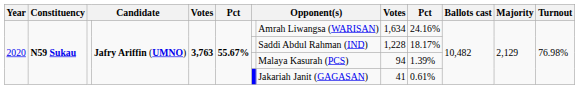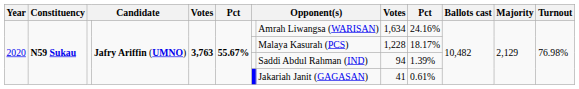 <table class="wikitable" style="margin:0.5em ; font-size:95%">
 <tr>
 <th>Year</th>
 <th>Constituency</th>
 <th colspan=2>Candidate</th>
 <th>Votes</th>
 <th>Pct</th>
 <th colspan=2>Opponent(s)</th>
 <th>Votes</th>
 <th>Pct</th>
 <th>Ballots cast</th>
 <th>Majority</th>
 <th>Turnout</th>
 </tr>
 <tr>
 <td rowspan=4><a href='#'>2020</a></td>
 <td rowspan=4><strong>N59 <a href='#'>Sukau</a></strong></td>
 <td rowspan=4 ></td>
 <td rowspan=4><strong>Jafry Ariffin</strong> (<a href='#'><strong>UMNO</strong></a>)</td>
 <td rowspan=4 align="right"><strong>3,763</strong></td>
 <td rowspan=4><strong>55.67%</strong></td>
 <td></td>
 <td>Amrah Liwangsa (<a href='#'>WARISAN</a>)</td>
 <td align="right">1,634</td>
 <td>24.16%</td>
 <td rowspan=4>10,482</td>
 <td rowspan=4>2,129</td>
 <td rowspan=4>76.98%</td>
 </tr>
 <tr>
 <td></td>
-<td>Saddi Abdul Rahman (<a href='#'>IND</a>)</td>
+<td>Malaya Kasurah (<a href='#'>PCS</a>)</td>
 <td align="right">1,228</td>
 <td>18.17%</td>
 </tr>
 <tr>
 <td></td>
-<td>Malaya Kasurah (<a href='#'>PCS</a>)</td>
+<td>Saddi Abdul Rahman (<a href='#'>IND</a>)</td>
 <td align="right">94</td>
 <td>1.39%</td>
 </tr>
 <tr>
 <td bgcolor=blue></td>
 <td>Jakariah Janit (<a href='#'>GAGASAN</a>)</td>
 <td align="right">41</td>
 <td>0.61%</td>
 </tr>
 </table>
